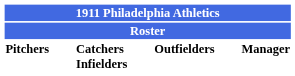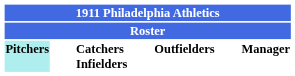 <table class="toccolours" style="font-size: 95%;">
 <tr>
 <th colspan="10" style="background-color: #4169e1; color: white; text-align: center;">1911 Philadelphia Athletics</th>
 </tr>
 <tr>
 <td colspan="10" style="background-color: #4169e1; color: white; text-align: center;"><strong>Roster</strong></td>
 </tr>
 <tr>
-<td valign="top"><strong>Pitchers</strong><br>            </td>
+<td valign="top" style="background: paleturquoise;"><strong>Pitchers</strong><br>            </td>
 <td width="25px"></td>
 <td valign="top"><strong>Catchers</strong><br>   <strong>Infielders</strong>       </td>
 <td width="25px"></td>
 <td valign="top"><strong>Outfielders</strong><br>      </td>
 <td width="25px"></td>
 <td valign="top"><strong>Manager</strong><br></td>
 </tr>
 </table>
